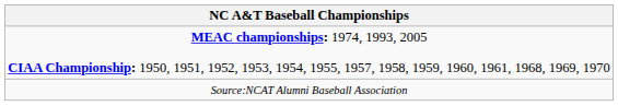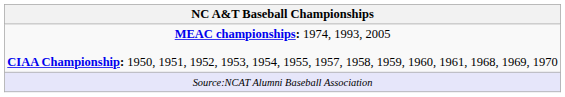 <table class="wikitable">
 <tr>
 <th>NC A&T Baseball Championships</th>
 </tr>
 <tr style="text-align:center;">
 <td><strong><a href='#'>MEAC championships</a>:</strong> 1974, 1993, 2005 <br><br><strong><a href='#'>CIAA Championship</a>:</strong> 1950, 1951, 1952, 1953, 1954, 1955, 1957, 1958, 1959, 1960, 1961, 1968, 1969, 1970 <br></td>
 </tr>
 <tr align="center">
-<td><em><small>Source:NCAT Alumni Baseball Association</small></em></td>
+<td style="background: lavender;"><em><small>Source:NCAT Alumni Baseball Association</small></em></td>
 </tr>
 </table>
